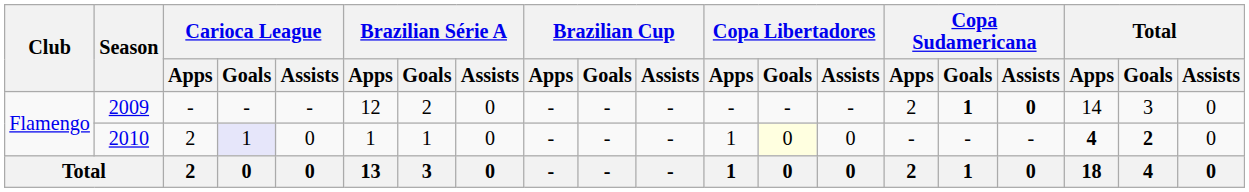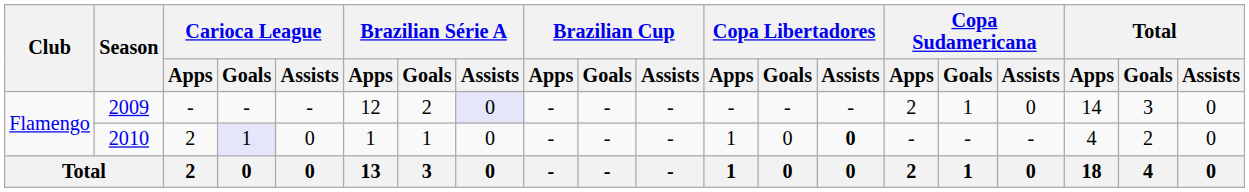 <table class="wikitable" style="text-align: center;">
 <tr>
 <th rowspan="2">Club</th>
 <th rowspan="2">Season</th>
 <th colspan="3"><a href='#'>Carioca League</a></th>
 <th colspan="3"><a href='#'>Brazilian Série A</a></th>
 <th colspan="3"><a href='#'>Brazilian Cup</a></th>
 <th colspan="3"><a href='#'>Copa Libertadores</a></th>
 <th colspan="3"><a href='#'>Copa Sudamericana</a></th>
 <th colspan="3">Total</th>
 </tr>
 <tr>
 <th>Apps</th>
 <th>Goals</th>
 <th>Assists</th>
 <th>Apps</th>
 <th>Goals</th>
 <th>Assists</th>
 <th>Apps</th>
 <th>Goals</th>
 <th>Assists</th>
 <th>Apps</th>
 <th>Goals</th>
 <th>Assists</th>
 <th>Apps</th>
 <th>Goals</th>
 <th>Assists</th>
 <th>Apps</th>
 <th>Goals</th>
 <th>Assists</th>
 </tr>
 <tr>
 <td rowspan="2" valign="center"><a href='#'>Flamengo</a></td>
 <td><a href='#'>2009</a></td>
 <td>-</td>
 <td>-</td>
 <td>-</td>
 <td>12</td>
 <td>2</td>
-<td>0</td>
+<td style="background: lavender;">0</td>
 <td>-</td>
 <td>-</td>
 <td>-</td>
 <td>-</td>
 <td>-</td>
 <td>-</td>
 <td>2</td>
-<td><strong>1</strong></td>
-<td><strong>0</strong></td>
+<td>1</td>
+<td>0</td>
 <td>14</td>
 <td>3</td>
 <td>0</td>
 </tr>
 <tr>
 <td><a href='#'>2010</a></td>
 <td>2</td>
 <td style="background: lavender;">1</td>
 <td>0</td>
 <td>1</td>
 <td>1</td>
 <td>0</td>
 <td>-</td>
 <td>-</td>
 <td>-</td>
 <td>1</td>
-<td style="background: lightyellow;">0</td>
 <td>0</td>
+<td><strong>0</strong></td>
 <td>-</td>
 <td>-</td>
 <td>-</td>
-<td><strong>4</strong></td>
-<td><strong>2</strong></td>
+<td>4</td>
+<td>2</td>
 <td>0</td>
 </tr>
 <tr>
 <th colspan="2"><strong>Total</strong></th>
 <th>2</th>
 <th>0</th>
 <th>0</th>
 <th>13</th>
 <th>3</th>
 <th>0</th>
 <th>-</th>
 <th>-</th>
 <th>-</th>
 <th>1</th>
 <th>0</th>
 <th>0</th>
 <th>2</th>
 <th>1</th>
 <th>0</th>
 <th>18</th>
 <th>4</th>
 <th>0</th>
 </tr>
 </table>
